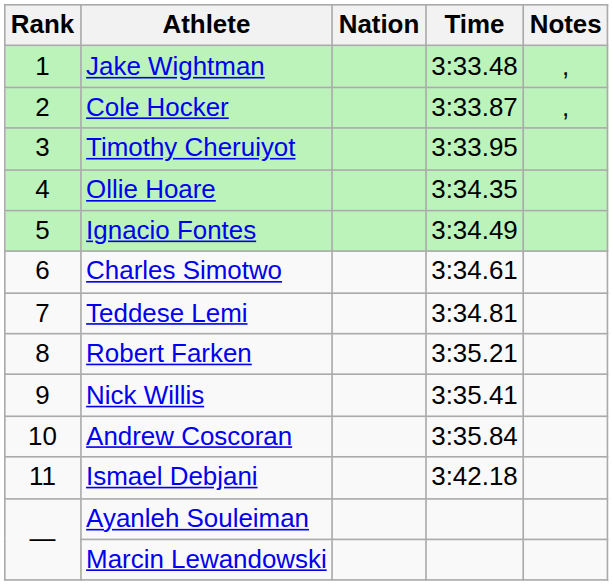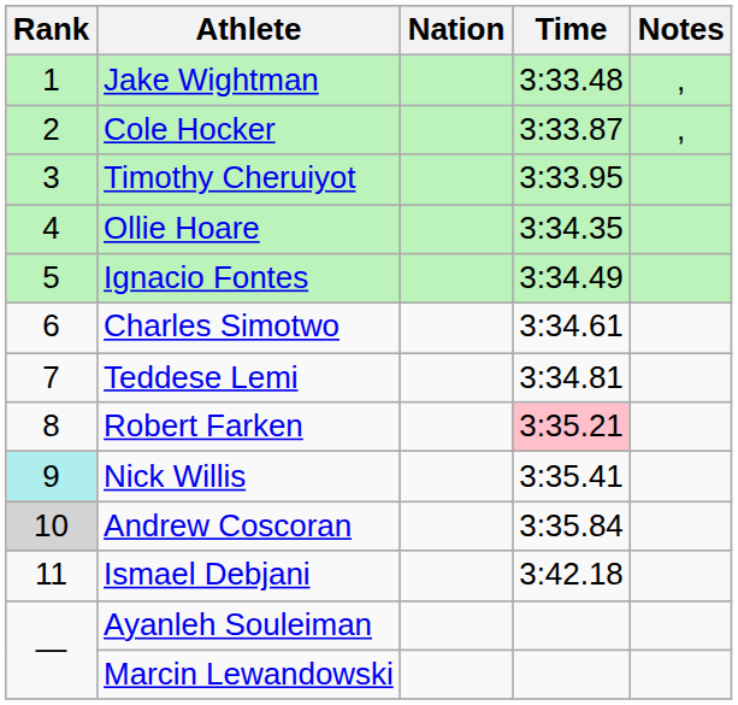 <table class="wikitable sortable" style="text-align:center">
 <tr>
 <th>Rank</th>
 <th>Athlete</th>
 <th>Nation</th>
 <th>Time</th>
 <th>Notes</th>
 </tr>
 <tr bgcolor=#bbf3bb>
 <td>1</td>
 <td align="left"><a href='#'>Jake Wightman</a></td>
 <td align="left"></td>
 <td>3:33.48</td>
 <td>, </td>
 </tr>
 <tr bgcolor=#bbf3bb>
 <td>2</td>
 <td align="left"><a href='#'>Cole Hocker</a></td>
 <td align="left"></td>
 <td>3:33.87</td>
 <td>, </td>
 </tr>
 <tr bgcolor=#bbf3bb>
 <td>3</td>
 <td align="left"><a href='#'>Timothy Cheruiyot</a></td>
 <td align="left"></td>
 <td>3:33.95</td>
 <td></td>
 </tr>
 <tr bgcolor=#bbf3bb>
 <td>4</td>
 <td align="left"><a href='#'>Ollie Hoare</a></td>
 <td align="left"></td>
 <td>3:34.35</td>
 <td></td>
 </tr>
 <tr bgcolor=#bbf3bb>
 <td>5</td>
 <td align="left"><a href='#'>Ignacio Fontes</a></td>
 <td align="left"></td>
 <td>3:34.49</td>
 <td></td>
 </tr>
 <tr>
 <td>6</td>
 <td align="left"><a href='#'>Charles Simotwo</a></td>
 <td align="left"></td>
 <td>3:34.61</td>
 <td></td>
 </tr>
 <tr>
 <td>7</td>
 <td align="left"><a href='#'>Teddese Lemi</a></td>
 <td align="left"></td>
 <td>3:34.81</td>
 <td></td>
 </tr>
 <tr>
 <td>8</td>
 <td align="left"><a href='#'>Robert Farken</a></td>
 <td align="left"></td>
-<td>3:35.21</td>
+<td style="background: pink;">3:35.21</td>
 <td></td>
 </tr>
 <tr>
-<td>9</td>
+<td style="background: paleturquoise;">9</td>
 <td align="left"><a href='#'>Nick Willis</a></td>
 <td align="left"></td>
 <td>3:35.41</td>
 <td></td>
 </tr>
 <tr>
-<td>10</td>
+<td style="background: lightgrey;">10</td>
 <td align="left"><a href='#'>Andrew Coscoran</a></td>
 <td align="left"></td>
 <td>3:35.84</td>
 <td></td>
 </tr>
 <tr>
 <td>11</td>
 <td align="left"><a href='#'>Ismael Debjani</a></td>
 <td align="left"></td>
 <td>3:42.18</td>
 <td></td>
 </tr>
 <tr>
 <td rowspan=2 data-sort-value=12>—</td>
 <td align="left"><a href='#'>Ayanleh Souleiman</a></td>
 <td align="left"></td>
 <td data-sort-value=8:88.88></td>
 <td></td>
 </tr>
 <tr>
 <td align="left"><a href='#'>Marcin Lewandowski</a></td>
 <td align="left"></td>
 <td data-sort-value=8:88.88></td>
 <td></td>
 </tr>
 </table>
